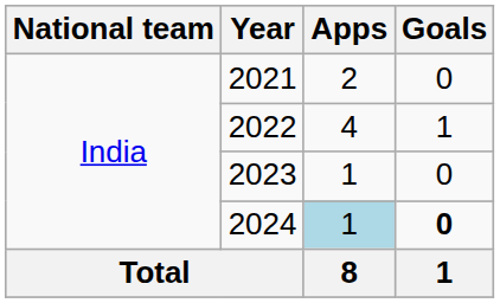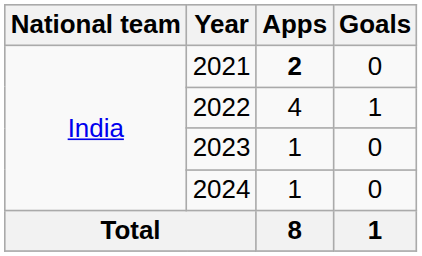 <table class="wikitable" style="text-align: center;">
 <tr>
 <th>National team</th>
 <th>Year</th>
 <th>Apps</th>
 <th>Goals</th>
 </tr>
 <tr>
 <td rowspan="4"><a href='#'>India</a></td>
 <td>2021</td>
-<td>2</td>
+<td><strong>2</strong></td>
 <td>0</td>
 </tr>
 <tr>
 <td>2022</td>
 <td>4</td>
 <td>1</td>
 </tr>
 <tr>
 <td>2023</td>
 <td>1</td>
 <td>0</td>
 </tr>
 <tr>
 <td>2024</td>
-<td style="background: lightblue;">1</td>
-<td><strong>0</strong></td>
+<td>1</td>
+<td>0</td>
 </tr>
 <tr>
 <th colspan="2">Total</th>
 <th>8</th>
 <th>1</th>
 </tr>
 </table>
